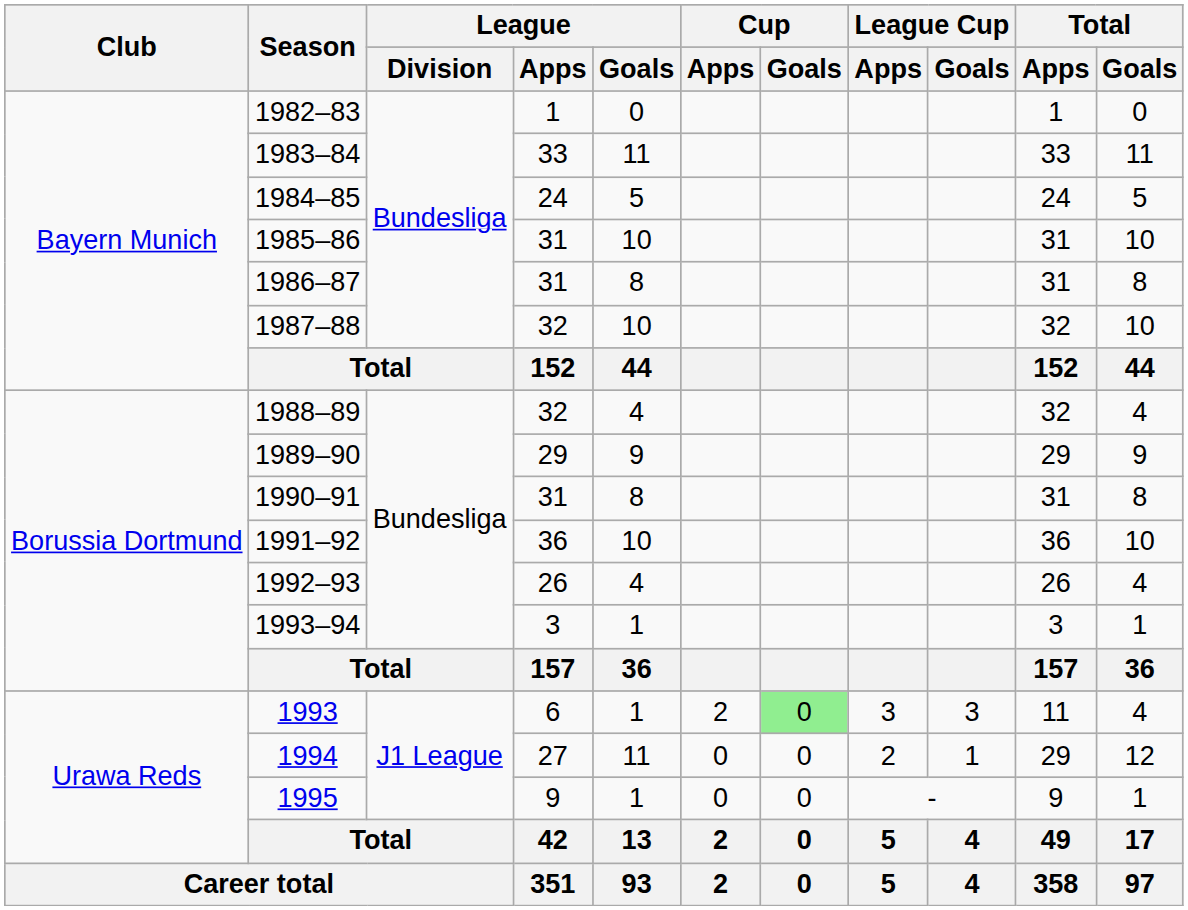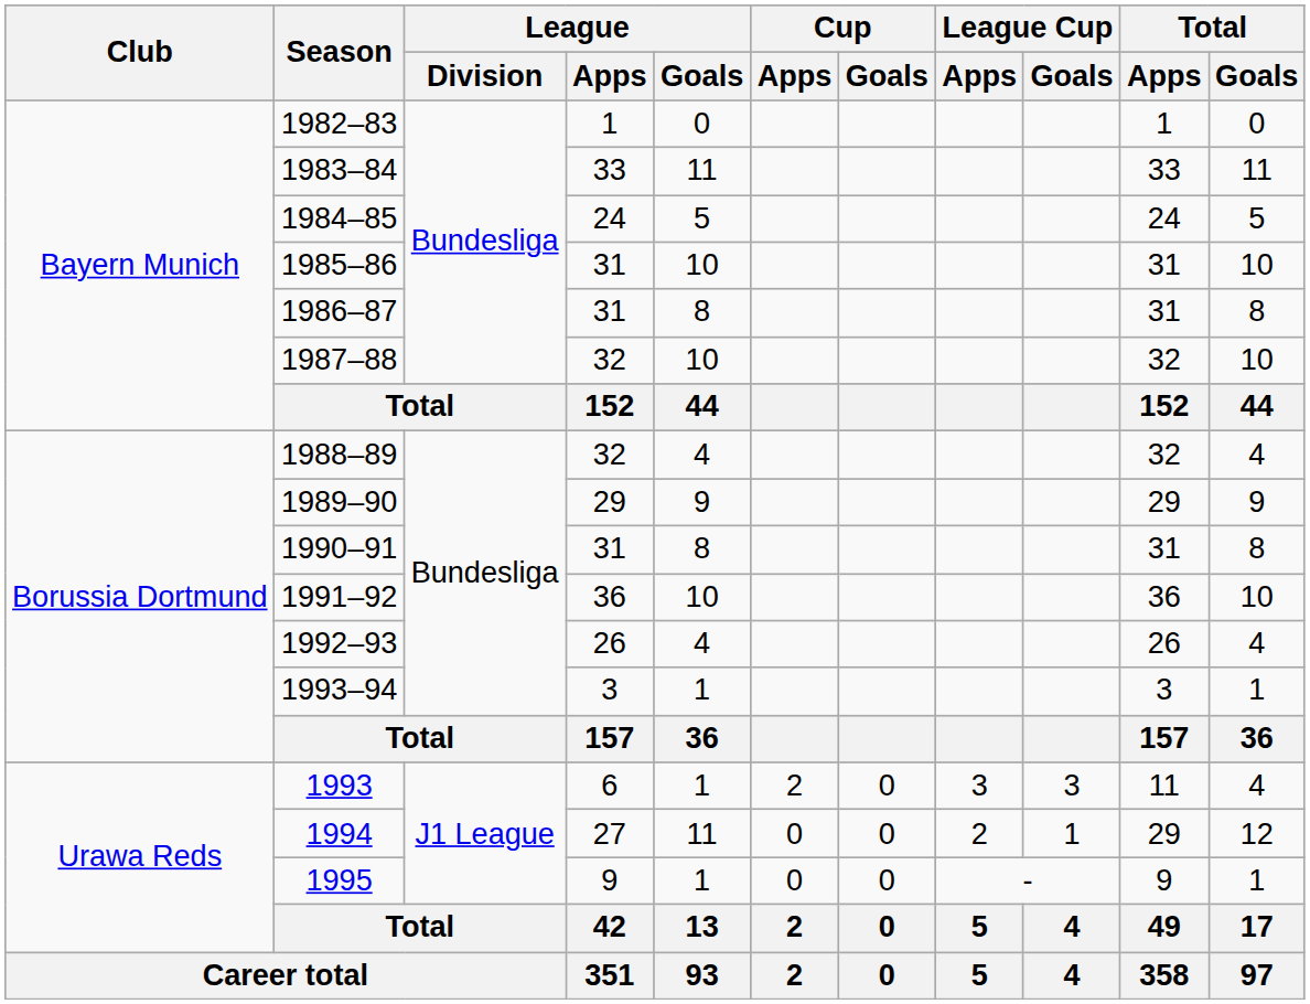 <table class="wikitable" style="text-align:center">
 <tr>
 <th rowspan="2">Club</th>
 <th rowspan="2">Season</th>
 <th colspan="3">League</th>
 <th colspan="2">Cup</th>
 <th colspan="2">League Cup</th>
 <th colspan="2">Total</th>
 </tr>
 <tr>
 <th>Division</th>
 <th>Apps</th>
 <th>Goals</th>
 <th>Apps</th>
 <th>Goals</th>
 <th>Apps</th>
 <th>Goals</th>
 <th>Apps</th>
 <th>Goals</th>
 </tr>
 <tr>
 <td rowspan="7"><a href='#'>Bayern Munich</a></td>
 <td>1982–83</td>
 <td rowspan="6"><a href='#'>Bundesliga</a></td>
 <td>1</td>
 <td>0</td>
 <td></td>
 <td></td>
 <td></td>
 <td></td>
 <td>1</td>
 <td>0</td>
 </tr>
 <tr>
 <td>1983–84</td>
 <td>33</td>
 <td>11</td>
 <td></td>
 <td></td>
 <td></td>
 <td></td>
 <td>33</td>
 <td>11</td>
 </tr>
 <tr>
 <td>1984–85</td>
 <td>24</td>
 <td>5</td>
 <td></td>
 <td></td>
 <td></td>
 <td></td>
 <td>24</td>
 <td>5</td>
 </tr>
 <tr>
 <td>1985–86</td>
 <td>31</td>
 <td>10</td>
 <td></td>
 <td></td>
 <td></td>
 <td></td>
 <td>31</td>
 <td>10</td>
 </tr>
 <tr>
 <td>1986–87</td>
 <td>31</td>
 <td>8</td>
 <td></td>
 <td></td>
 <td></td>
 <td></td>
 <td>31</td>
 <td>8</td>
 </tr>
 <tr>
 <td>1987–88</td>
 <td>32</td>
 <td>10</td>
 <td></td>
 <td></td>
 <td></td>
 <td></td>
 <td>32</td>
 <td>10</td>
 </tr>
 <tr>
 <th colspan="2">Total</th>
 <th>152</th>
 <th>44</th>
 <th></th>
 <th></th>
 <th></th>
 <th></th>
 <th>152</th>
 <th>44</th>
 </tr>
 <tr>
 <td rowspan="7"><a href='#'>Borussia Dortmund</a></td>
 <td>1988–89</td>
 <td rowspan="6">Bundesliga</td>
 <td>32</td>
 <td>4</td>
 <td></td>
 <td></td>
 <td></td>
 <td></td>
 <td>32</td>
 <td>4</td>
 </tr>
 <tr>
 <td>1989–90</td>
 <td>29</td>
 <td>9</td>
 <td></td>
 <td></td>
 <td></td>
 <td></td>
 <td>29</td>
 <td>9</td>
 </tr>
 <tr>
 <td>1990–91</td>
 <td>31</td>
 <td>8</td>
 <td></td>
 <td></td>
 <td></td>
 <td></td>
 <td>31</td>
 <td>8</td>
 </tr>
 <tr>
 <td>1991–92</td>
 <td>36</td>
 <td>10</td>
 <td></td>
 <td></td>
 <td></td>
 <td></td>
 <td>36</td>
 <td>10</td>
 </tr>
 <tr>
 <td>1992–93</td>
 <td>26</td>
 <td>4</td>
 <td></td>
 <td></td>
 <td></td>
 <td></td>
 <td>26</td>
 <td>4</td>
 </tr>
 <tr>
 <td>1993–94</td>
 <td>3</td>
 <td>1</td>
 <td></td>
 <td></td>
 <td></td>
 <td></td>
 <td>3</td>
 <td>1</td>
 </tr>
 <tr>
 <th colspan="2">Total</th>
 <th>157</th>
 <th>36</th>
 <th></th>
 <th></th>
 <th></th>
 <th></th>
 <th>157</th>
 <th>36</th>
 </tr>
 <tr>
 <td rowspan="4"><a href='#'>Urawa Reds</a></td>
 <td><a href='#'>1993</a></td>
 <td rowspan="3"><a href='#'>J1 League</a></td>
 <td>6</td>
 <td>1</td>
 <td>2</td>
-<td style="background: lightgreen;">0</td>
+<td>0</td>
 <td>3</td>
 <td>3</td>
 <td>11</td>
 <td>4</td>
 </tr>
 <tr>
 <td><a href='#'>1994</a></td>
 <td>27</td>
 <td>11</td>
 <td>0</td>
 <td>0</td>
 <td>2</td>
 <td>1</td>
 <td>29</td>
 <td>12</td>
 </tr>
 <tr>
 <td><a href='#'>1995</a></td>
 <td>9</td>
 <td>1</td>
 <td>0</td>
 <td>0</td>
 <td colspan="2">-</td>
 <td>9</td>
 <td>1</td>
 </tr>
 <tr>
 <th colspan="2">Total</th>
 <th>42</th>
 <th>13</th>
 <th>2</th>
 <th>0</th>
 <th>5</th>
 <th>4</th>
 <th>49</th>
 <th>17</th>
 </tr>
 <tr>
 <th colspan="3">Career total</th>
 <th>351</th>
 <th>93</th>
 <th>2</th>
 <th>0</th>
 <th>5</th>
 <th>4</th>
 <th>358</th>
 <th>97</th>
 </tr>
 </table>
